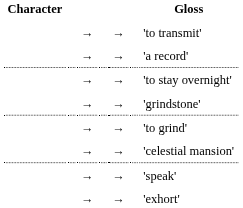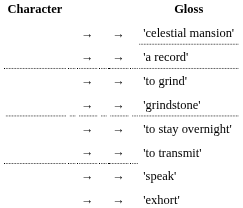 <table cellpadding="5%">
 <tr>
 <th scope="col">Character</th>
 <th scope="col"></th>
 <th></th>
 <th scope="col"></th>
 <th></th>
 <th scope="col"></th>
 <th>Gloss</th>
 </tr>
 <tr>
 <td scope="row" style="border-bottom:1px dotted" rowspan="2"></td>
 <td></td>
 <td>→</td>
 <td></td>
 <td>→</td>
 <td></td>
-<td>'to transmit'</td>
+<td style="border-bottom:1px dotted">'celestial mansion'</td>
 </tr>
 <tr>
 <td style="border-bottom:1px dotted"></td>
 <td style="border-bottom:1px dotted">→</td>
 <td style="border-bottom:1px dotted"></td>
 <td style="border-bottom:1px dotted">→</td>
 <td style="border-bottom:1px dotted"></td>
 <td style="border-bottom:1px dotted">'a record'</td>
 </tr>
 <tr>
 <td scope="row" style="border-bottom:1px dotted" rowspan="2"></td>
 <td></td>
 <td>→</td>
 <td></td>
 <td>→</td>
 <td></td>
-<td>'to stay overnight'</td>
+<td>'to grind'</td>
 </tr>
 <tr>
 <td style="border-bottom:1px dotted"></td>
 <td style="border-bottom:1px dotted">→</td>
 <td style="border-bottom:1px dotted"></td>
 <td style="border-bottom:1px dotted">→</td>
 <td style="border-bottom:1px dotted"></td>
 <td style="border-bottom:1px dotted">'grindstone'</td>
 </tr>
 <tr>
 <td scope="row" style="border-bottom:1px dotted" rowspan="2"></td>
 <td></td>
 <td>→</td>
 <td></td>
 <td>→</td>
 <td></td>
-<td>'to grind'</td>
+<td>'to stay overnight'</td>
 </tr>
 <tr>
 <td style="border-bottom:1px dotted"></td>
 <td style="border-bottom:1px dotted">→</td>
 <td style="border-bottom:1px dotted"></td>
 <td style="border-bottom:1px dotted">→</td>
 <td style="border-bottom:1px dotted"></td>
-<td style="border-bottom:1px dotted">'celestial mansion'</td>
+<td>'to transmit'</td>
 </tr>
 <tr>
 <td scope="row" rowspan="2"></td>
 <td></td>
 <td>→</td>
 <td></td>
 <td>→</td>
 <td></td>
 <td>'speak'</td>
 </tr>
 <tr>
 <td></td>
 <td>→</td>
 <td></td>
 <td>→</td>
 <td></td>
 <td>'exhort'</td>
 </tr>
 </table>
